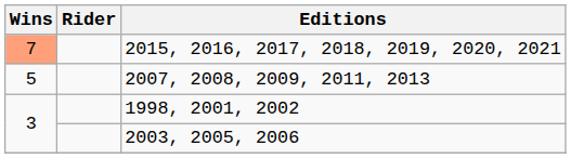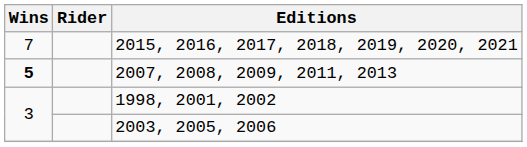 <table class="wikitable">
 <tr>
 <th>Wins</th>
 <th>Rider</th>
 <th>Editions</th>
 </tr>
 <tr>
-<td align=center rowspan=1 style="background: lightsalmon;">7</td>
+<td align=center rowspan=1>7</td>
 <td></td>
 <td>2015, 2016, 2017, 2018, 2019, 2020, 2021</td>
 </tr>
 <tr>
-<td align=center rowspan=1>5</td>
+<td align=center rowspan=1><strong>5</strong></td>
 <td></td>
 <td>2007, 2008, 2009, 2011, 2013</td>
 </tr>
 <tr>
 <td align=center rowspan=2>3</td>
 <td></td>
 <td>1998, 2001, 2002</td>
 </tr>
 <tr>
 <td></td>
 <td>2003, 2005, 2006</td>
 </tr>
 <tr>
 </tr>
 </table>
